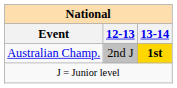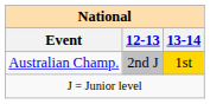 <table class="wikitable" style="text-align:center">
 <tr>
 <th colspan="3" style="background-color: #ffdead; " align="center">National</th>
 </tr>
 <tr>
 <th>Event</th>
 <th><a href='#'>12-13</a></th>
 <th><a href='#'>13-14</a></th>
 </tr>
 <tr>
 <td align=left><a href='#'>Australian Champ.</a></td>
 <td bgcolor=silver>2nd J</td>
-<td bgcolor=gold><strong>1st</strong></td>
+<td bgcolor=gold>1st</td>
 </tr>
 <tr>
 <td colspan=3 align=center><small> J = Junior level</small></td>
 </tr>
 </table>
